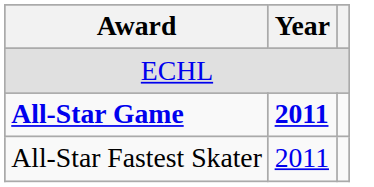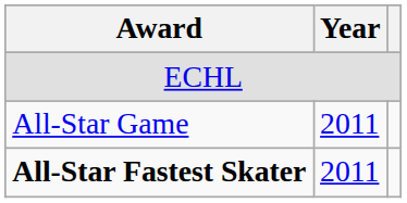 <table class="wikitable">
 <tr>
 <th>Award</th>
 <th>Year</th>
 <th></th>
 </tr>
 <tr ALIGN="center" bgcolor="#e0e0e0">
 <td colspan="3"><a href='#'>ECHL</a></td>
 </tr>
 <tr>
-<td><strong><a href='#'>All-Star Game</a></strong></td>
-<td><strong><a href='#'>2011</a></strong></td>
+<td><a href='#'>All-Star Game</a></td>
+<td><a href='#'>2011</a></td>
 <td></td>
 </tr>
 <tr>
-<td>All-Star Fastest Skater</td>
+<td><strong>All-Star Fastest Skater</strong></td>
 <td><a href='#'>2011</a></td>
 <td></td>
 </tr>
 </table>
